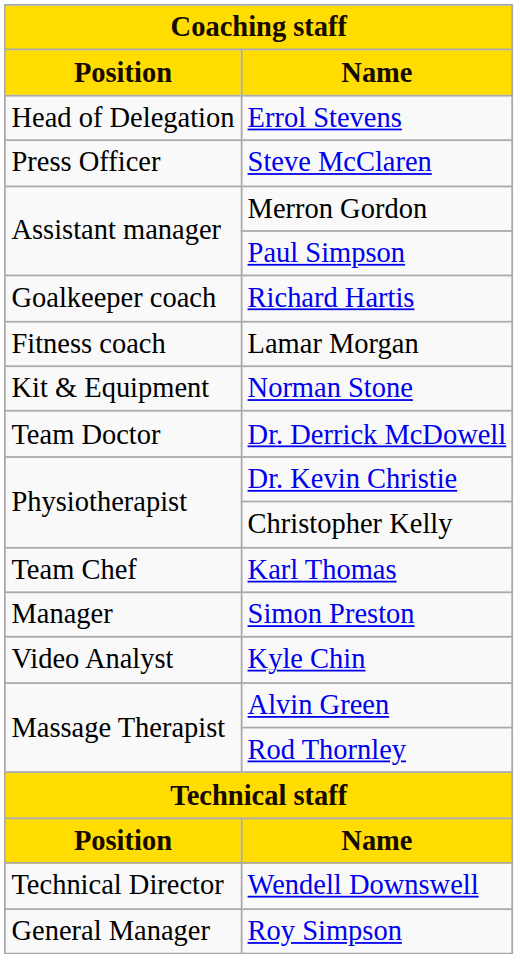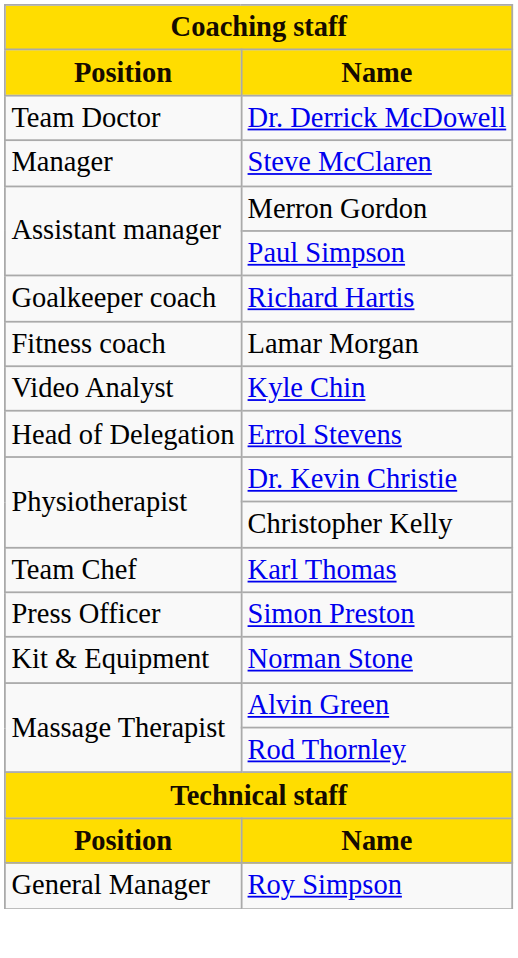 <table class="wikitable">
 <tr>
 <th colspan="2" style="color:#150B00;background:#FFDD00">Coaching staff</th>
 </tr>
 <tr>
 <th style="color:#150B00;background:#FFDD00">Position</th>
 <th style="color:#150B00;background:#FFDD00">Name</th>
 </tr>
 <tr>
-<td>Head of Delegation</td>
-<td> <a href='#'>Errol Stevens</a></td>
+<td>Team Doctor</td>
+<td> <a href='#'>Dr. Derrick McDowell</a></td>
 </tr>
 <tr>
-<td>Press Officer</td>
+<td>Manager</td>
 <td> <a href='#'>Steve McClaren</a></td>
 </tr>
 <tr>
 <td rowspan="2">Assistant manager</td>
 <td> Merron Gordon</td>
 </tr>
 <tr>
 <td> <a href='#'>Paul Simpson</a></td>
 </tr>
 <tr>
 <td>Goalkeeper coach</td>
 <td> <a href='#'>Richard Hartis</a></td>
 </tr>
 <tr>
 <td>Fitness coach</td>
 <td> Lamar Morgan</td>
 </tr>
 <tr>
-<td>Kit & Equipment</td>
-<td> <a href='#'>Norman Stone</a></td>
+<td>Video Analyst</td>
+<td> <a href='#'>Kyle Chin</a></td>
 </tr>
 <tr>
-<td>Team Doctor</td>
-<td> <a href='#'>Dr. Derrick McDowell</a></td>
+<td>Head of Delegation</td>
+<td> <a href='#'>Errol Stevens</a></td>
 </tr>
 <tr>
 <td rowspan="2">Physiotherapist</td>
 <td> <a href='#'>Dr. Kevin Christie</a></td>
 </tr>
 <tr>
 <td> Christopher Kelly</td>
 </tr>
 <tr>
 <td>Team Chef</td>
 <td> <a href='#'>Karl Thomas</a></td>
 </tr>
 <tr>
-<td>Manager</td>
+<td>Press Officer</td>
 <td> <a href='#'>Simon Preston</a></td>
 </tr>
 <tr>
-<td>Video Analyst</td>
-<td> <a href='#'>Kyle Chin</a></td>
+<td>Kit & Equipment</td>
+<td> <a href='#'>Norman Stone</a></td>
 </tr>
 <tr>
 <td rowspan="2">Massage Therapist</td>
 <td> <a href='#'>Alvin Green</a></td>
 </tr>
 <tr>
 <td> <a href='#'>Rod Thornley</a></td>
 </tr>
 <tr>
 <th colspan="2" style="color:#150B00;background:#FFDD00">Technical staff</th>
 </tr>
 <tr>
 <th style="color:#150B00;background:#FFDD00">Position</th>
 <th style="color:#150B00;background:#FFDD00">Name</th>
 </tr>
 <tr>
-<td>Technical Director</td>
-<td> <a href='#'>Wendell Downswell</a></td>
-</tr>
-<tr>
 <td>General Manager</td>
 <td> <a href='#'>Roy Simpson</a></td>
 </tr>
 </table>
